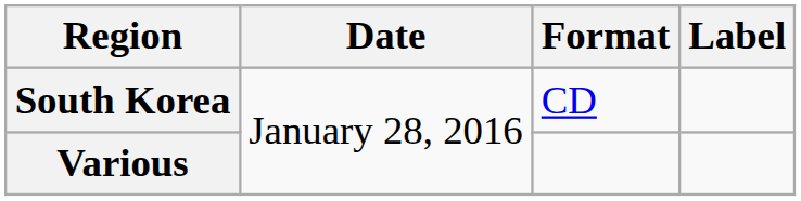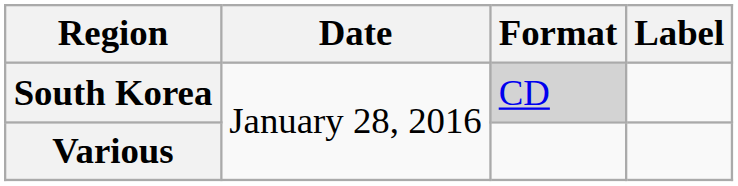 <table class="wikitable plainrowheaders">
 <tr>
 <th scope="col">Region</th>
 <th scope="col">Date</th>
 <th scope="col">Format</th>
 <th scope="col">Label</th>
 </tr>
 <tr>
 <th scope="row">South Korea</th>
 <td rowspan="2">January 28, 2016</td>
-<td><a href='#'>CD</a></td>
+<td style="background: lightgrey;"><a href='#'>CD</a></td>
 <td></td>
 </tr>
 <tr>
 <th scope="row">Various </th>
 <td></td>
 <td></td>
 </tr>
 </table>
